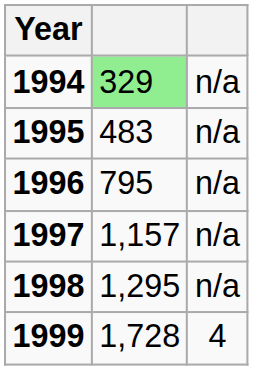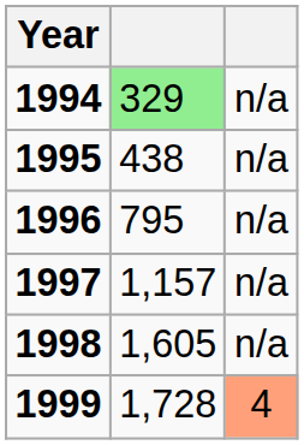 <table class="wikitable sortable" style="font-size: %">
 <tr>
 <th width=px>Year</th>
 <th width=px></th>
 <th width=px></th>
 </tr>
 <tr>
 <td><strong>1994</strong></td>
 <td style="background: lightgreen;">329</td>
 <td align=center>n/a</td>
 </tr>
 <tr>
 <td><strong>1995</strong></td>
-<td>483</td>
+<td>438</td>
 <td align=center>n/a</td>
 </tr>
 <tr>
 <td><strong>1996</strong></td>
 <td>795</td>
 <td align=center>n/a</td>
 </tr>
 <tr>
 <td><strong>1997</strong></td>
 <td>1,157</td>
 <td align=center>n/a</td>
 </tr>
 <tr>
 <td><strong>1998</strong></td>
-<td>1,295</td>
+<td>1,605</td>
 <td align=center>n/a</td>
 </tr>
 <tr>
 <td><strong>1999</strong></td>
 <td>1,728</td>
-<td align=center>4</td>
+<td align=center style="background: lightsalmon;">4</td>
 </tr>
 </table>
